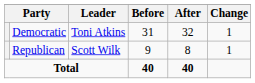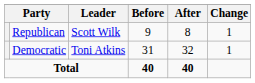 <table class="wikitable" style="text-align:center;">
 <tr>
 </tr>
 <tr>
 <th colspan=2>Party</th>
 <th>Leader</th>
 <th style="width:3em">Before</th>
 <th style="width:3em">After</th>
 <th style="width:3em">Change</th>
 </tr>
 <tr>
 <th style="background-color:"></th>
+<td style="text-align:left;"><a href='#'>Republican</a></td>
+<td style="text-align:left;"><a href='#'>Scott Wilk</a></td>
+<td>9</td>
+<td>8</td>
+<td> 1</td>
+</tr>
+<tr>
+<th style="background-color:"></th>
 <td style="text-align:left;"><a href='#'>Democratic</a></td>
 <td style="text-align:left;"><a href='#'>Toni Atkins</a></td>
 <td>31</td>
 <td>32</td>
-<td> 1</td>
-</tr>
-<tr>
-<th style="background-color:"></th>
-<td style="text-align:left;"><a href='#'>Republican</a></td>
-<td style="text-align:left;"><a href='#'>Scott Wilk</a></td>
-<td>9</td>
-<td>8</td>
 <td> 1</td>
 </tr>
 <tr>
 <td colspan=3><strong>Total</strong></td>
 <td><strong>40</strong></td>
 <td><strong>40</strong></td>
 <td></td>
 </tr>
 </table>
